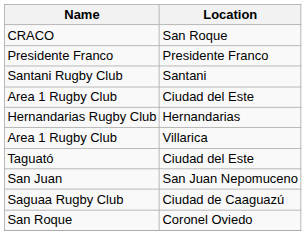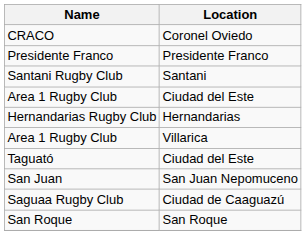 <table class="wikitable">
 <tr>
 <th>Name</th>
 <th>Location</th>
 </tr>
 <tr>
 <td>CRACO</td>
-<td>San Roque</td>
+<td>Coronel Oviedo</td>
 </tr>
 <tr>
 <td>Presidente Franco</td>
 <td>Presidente Franco</td>
 </tr>
 <tr>
 <td>Santani Rugby Club</td>
 <td>Santani</td>
 </tr>
 <tr>
 <td>Area 1 Rugby Club</td>
 <td>Ciudad del Este</td>
 </tr>
 <tr>
 <td>Hernandarias Rugby Club</td>
 <td>Hernandarias</td>
 </tr>
 <tr>
 <td>Area 1 Rugby Club</td>
 <td>Villarica</td>
 </tr>
 <tr>
 <td>Taguató</td>
 <td>Ciudad del Este</td>
 </tr>
 <tr>
 <td>San Juan</td>
 <td>San Juan Nepomuceno</td>
 </tr>
 <tr>
 <td>Saguaa Rugby Club</td>
 <td>Ciudad de Caaguazú</td>
 </tr>
 <tr>
 <td>San Roque</td>
-<td>Coronel Oviedo</td>
+<td>San Roque</td>
 </tr>
 <tr>
 </tr>
 </table>
